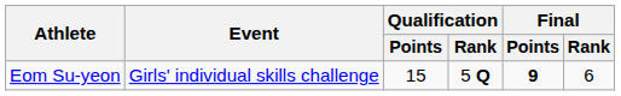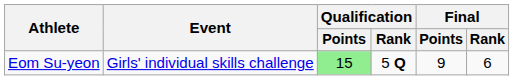 <table class="wikitable" style="font-size:90%">
 <tr>
 <th rowspan=2>Athlete</th>
 <th rowspan=2>Event</th>
 <th colspan=2>Qualification</th>
 <th colspan=2>Final</th>
 </tr>
 <tr style="font-size:95%">
 <th>Points</th>
 <th>Rank</th>
 <th>Points</th>
 <th>Rank</th>
 </tr>
 <tr align=center>
 <td align=left><a href='#'>Eom Su-yeon</a></td>
 <td align=left><a href='#'>Girls' individual skills challenge</a></td>
-<td>15</td>
+<td style="background: lightgreen;">15</td>
 <td>5 <strong>Q</strong></td>
-<td><strong>9</strong></td>
+<td>9</td>
 <td>6</td>
 </tr>
 </table>
